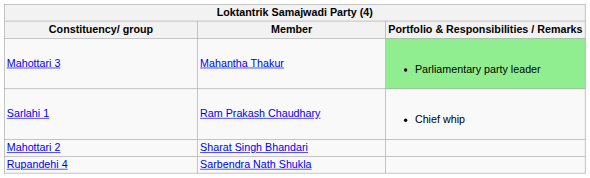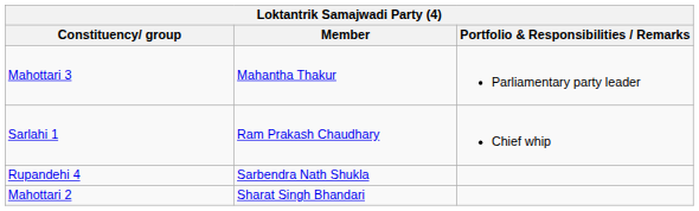 <table class="wikitable sortable mw-collapsible">
 <tr>
 <th colspan="3" style="width: 800pt; background:">Loktantrik Samajwadi Party (4)</th>
 </tr>
 <tr>
 <th style="width:250pt; background:">Constituency/ group</th>
 <th style="width:250pt; background:">Member</th>
 <th style="width:250pt; background:">Portfolio & Responsibilities / Remarks</th>
 </tr>
 <tr>
 <td><a href='#'>Mahottari 3</a></td>
 <td><a href='#'>Mahantha Thakur</a></td>
-<td style="background: lightgreen;"><br><ul><li>Parliamentary party leader</li></ul></td>
+<td><br><ul><li>Parliamentary party leader</li></ul></td>
 </tr>
 <tr>
 <td><a href='#'>Sarlahi 1</a></td>
 <td><a href='#'>Ram Prakash Chaudhary</a></td>
 <td><br><ul><li>Chief whip</li></ul></td>
 </tr>
 <tr>
+<td><a href='#'>Rupandehi 4</a></td>
+<td><a href='#'>Sarbendra Nath Shukla</a></td>
+<td></td>
+</tr>
+<tr>
 <td><a href='#'>Mahottari 2</a></td>
 <td><a href='#'>Sharat Singh Bhandari</a></td>
 <td></td>
 </tr>
-<tr>
-<td><a href='#'>Rupandehi 4</a></td>
-<td><a href='#'>Sarbendra Nath Shukla</a></td>
-<td></td>
-</tr>
 </table>
